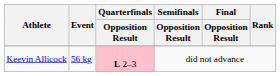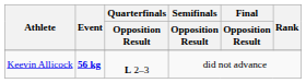 <table class="wikitable" border="1" style="font-size:90%">
 <tr>
 <th rowspan=2>Athlete</th>
 <th rowspan=2>Event</th>
 <th>Quarterfinals</th>
 <th>Semifinals</th>
 <th>Final</th>
 <th rowspan="2">Rank</th>
 </tr>
 <tr>
 <th>Opposition<br>Result</th>
 <th>Opposition<br>Result</th>
 <th>Opposition<br>Result</th>
 </tr>
 <tr>
 </tr>
 <tr align=center>
 <td align=left><a href='#'>Keevin Allicock</a></td>
-<td align=left><a href='#'>56 kg</a></td>
-<td style="background: pink;"><br><strong>L</strong> 2–3</td>
+<td align=left><strong><a href='#'>56 kg</a></strong></td>
+<td><br><strong>L</strong> 2–3</td>
 <td colspan=3>did not advance</td>
 </tr>
 </table>
